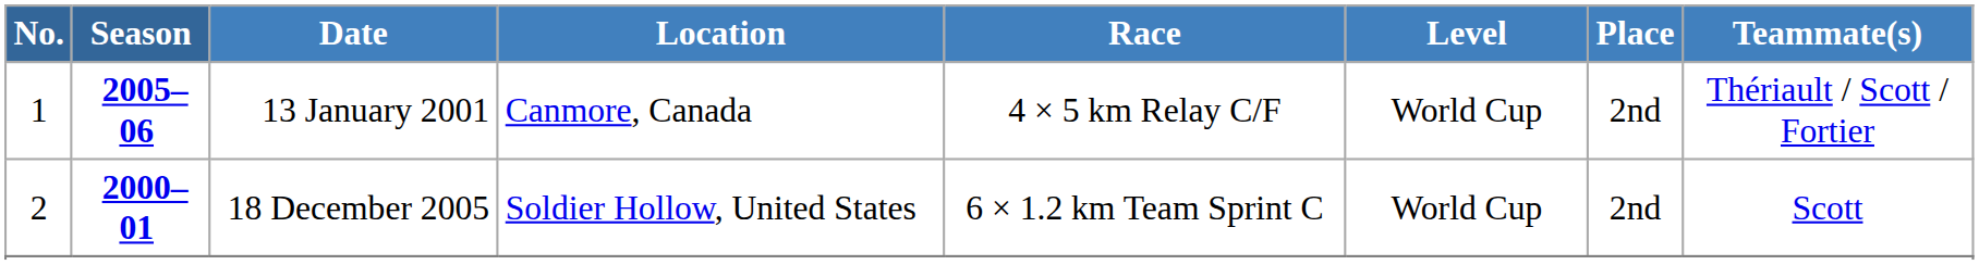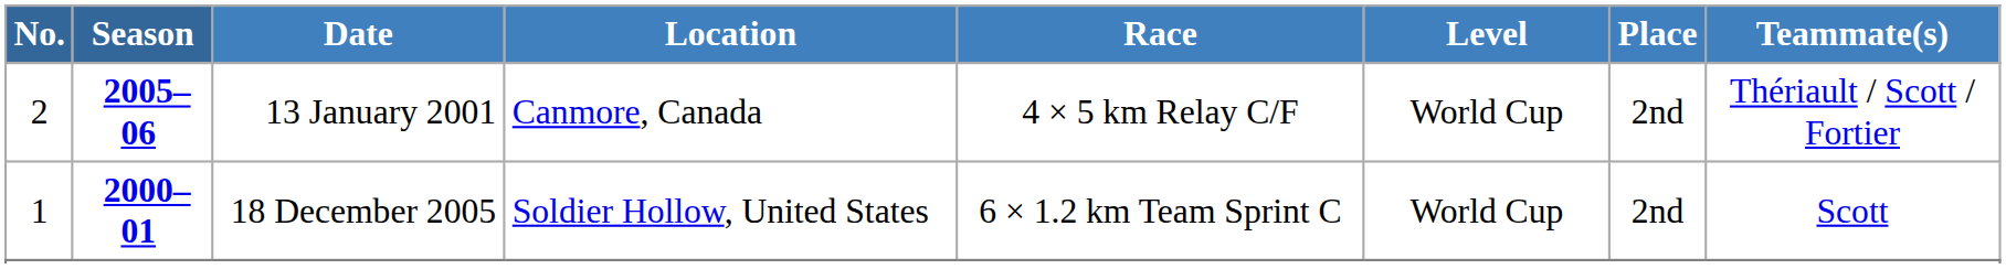 <table class="wikitable sortable" style="font-size:95%; text-align:center; border:grey solid 1px; border-collapse:collapse; background:#ffffff;">
 <tr style="background:#efefef;">
 <th style="background-color:#369; color:white;">No.</th>
 <th style="background-color:#369; color:white;">Season</th>
 <th style="background-color:#4180be; color:white; width:120px;">Date</th>
 <th style="background-color:#4180be; color:white; width:190px;">Location</th>
 <th style="background-color:#4180be; color:white; width:170px;">Race</th>
 <th style="background-color:#4180be; color:white; width:100px;">Level</th>
 <th style="background-color:#4180be; color:white;">Place</th>
 <th style="background-color:#4180be; color:white;">Teammate(s)</th>
 </tr>
 <tr>
-<td align=center>1</td>
+<td align=center>2</td>
 <td rowspan=1 align=center><strong> <a href='#'>2005–06</a> </strong></td>
 <td align=right>13 January 2001</td>
 <td align=left> <a href='#'>Canmore</a>, Canada</td>
 <td>4 × 5 km Relay C/F</td>
 <td>World Cup</td>
 <td>2nd</td>
 <td><a href='#'>Thériault</a> / <a href='#'>Scott</a> / <a href='#'>Fortier</a></td>
 </tr>
 <tr>
-<td align=center>2</td>
+<td align=center>1</td>
 <td rowspan=1 align=center><strong> <a href='#'>2000–01</a> </strong></td>
 <td align=right>18 December 2005</td>
 <td align=left> <a href='#'>Soldier Hollow</a>, United States</td>
 <td>6 × 1.2 km Team Sprint C</td>
 <td>World Cup</td>
 <td>2nd</td>
 <td><a href='#'>Scott</a></td>
 </tr>
 <tr>
 </tr>
 <tr>
 </tr>
 </table>
